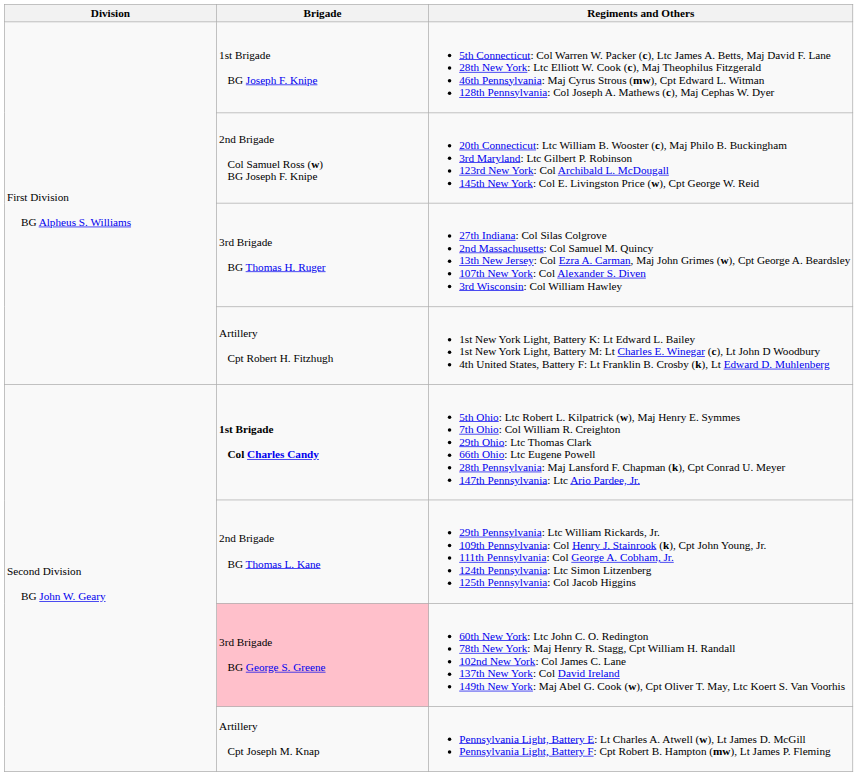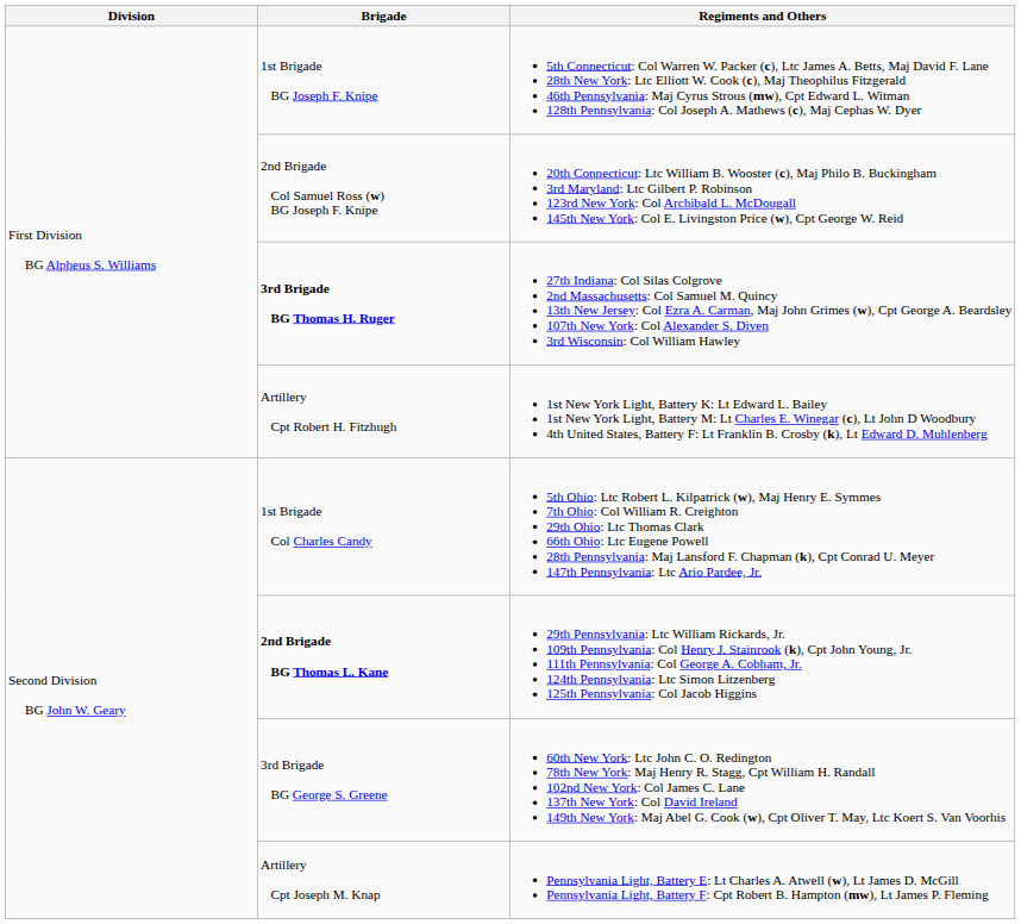 <table class="wikitable">
 <tr>
 <th width=25%>Division</th>
 <th width=25%>Brigade</th>
 <th>Regiments and Others</th>
 </tr>
 <tr>
 <td rowspan=4><br>First Division <br> <br>     BG <a href='#'>Alpheus S. Williams</a></td>
 <td>1st Brigade<br><br>   BG <a href='#'>Joseph F. Knipe</a></td>
 <td><br><ul><li><a href='#'>5th Connecticut</a>: Col Warren W. Packer (<strong>c</strong>), Ltc James A. Betts, Maj David F. Lane</li><li><a href='#'>28th New York</a>: Ltc Elliott W. Cook (<strong>c</strong>), Maj Theophilus Fitzgerald</li><li><a href='#'>46th Pennsylvania</a>: Maj Cyrus Strous (<strong>mw</strong>), Cpt Edward L. Witman</li><li><a href='#'>128th Pennsylvania</a>: Col Joseph A. Mathews (<strong>c</strong>), Maj Cephas W. Dyer</li></ul></td>
 </tr>
 <tr>
 <td>2nd Brigade<br><br>   Col Samuel Ross (<strong>w</strong>) <br>   BG Joseph F. Knipe</td>
 <td><br><ul><li><a href='#'>20th Connecticut</a>: Ltc William B. Wooster (<strong>c</strong>), Maj Philo B. Buckingham</li><li><a href='#'>3rd Maryland</a>: Ltc Gilbert P. Robinson</li><li><a href='#'>123rd New York</a>: Col <a href='#'>Archibald L. McDougall</a></li><li><a href='#'>145th New York</a>: Col E. Livingston Price (<strong>w</strong>), Cpt George W. Reid</li></ul></td>
 </tr>
 <tr>
-<td>3rd Brigade<br><br>   BG <a href='#'>Thomas H. Ruger</a></td>
+<td><strong>3rd Brigade<br><br>   BG <a href='#'>Thomas H. Ruger</a></strong></td>
 <td><br><ul><li><a href='#'>27th Indiana</a>: Col Silas Colgrove</li><li><a href='#'>2nd Massachusetts</a>: Col Samuel M. Quincy</li><li><a href='#'>13th New Jersey</a>: Col <a href='#'>Ezra A. Carman</a>, Maj John Grimes (<strong>w</strong>), Cpt George A. Beardsley</li><li><a href='#'>107th New York</a>: Col <a href='#'>Alexander S. Diven</a></li><li><a href='#'>3rd Wisconsin</a>: Col William Hawley</li></ul></td>
 </tr>
 <tr>
 <td>Artillery<br><br>   Cpt Robert H. Fitzhugh</td>
 <td><br><ul><li>1st New York Light, Battery K: Lt Edward L. Bailey</li><li>1st New York Light, Battery M: Lt <a href='#'>Charles E. Winegar</a> (<strong>c</strong>), Lt John D Woodbury</li><li>4th United States, Battery F: Lt Franklin B. Crosby (<strong>k</strong>), Lt <a href='#'>Edward D. Muhlenberg</a></li></ul></td>
 </tr>
 <tr>
 <td rowspan=4><br>Second Division <br> <br>     BG <a href='#'>John W. Geary</a></td>
-<td><strong>1st Brigade<br><br>   Col <a href='#'>Charles Candy</a></strong></td>
+<td>1st Brigade<br><br>   Col <a href='#'>Charles Candy</a></td>
 <td><br><ul><li><a href='#'>5th Ohio</a>: Ltc Robert L. Kilpatrick (<strong>w</strong>), Maj Henry E. Symmes</li><li><a href='#'>7th Ohio</a>: Col William R. Creighton</li><li><a href='#'>29th Ohio</a>: Ltc Thomas Clark</li><li><a href='#'>66th Ohio</a>: Ltc Eugene Powell</li><li><a href='#'>28th Pennsylvania</a>: Maj Lansford F. Chapman (<strong>k</strong>), Cpt Conrad U. Meyer</li><li><a href='#'>147th Pennsylvania</a>: Ltc <a href='#'>Ario Pardee, Jr.</a></li></ul></td>
 </tr>
 <tr>
-<td>2nd Brigade<br><br>   BG <a href='#'>Thomas L. Kane</a></td>
+<td><strong>2nd Brigade<br><br>   BG <a href='#'>Thomas L. Kane</a></strong></td>
 <td><br><ul><li><a href='#'>29th Pennsylvania</a>: Ltc William Rickards, Jr.</li><li><a href='#'>109th Pennsylvania</a>: Col <a href='#'>Henry J. Stainrook</a> (<strong>k</strong>), Cpt John Young, Jr.</li><li><a href='#'>111th Pennsylvania</a>: Col <a href='#'>George A. Cobham, Jr.</a></li><li><a href='#'>124th Pennsylvania</a>: Ltc Simon Litzenberg</li><li><a href='#'>125th Pennsylvania</a>: Col Jacob Higgins</li></ul></td>
 </tr>
 <tr>
-<td style="background: pink;">3rd Brigade<br><br>   BG <a href='#'>George S. Greene</a></td>
+<td>3rd Brigade<br><br>   BG <a href='#'>George S. Greene</a></td>
 <td><br><ul><li><a href='#'>60th New York</a>: Ltc John C. O. Redington</li><li><a href='#'>78th New York</a>: Maj Henry R. Stagg, Cpt William H. Randall</li><li><a href='#'>102nd New York</a>: Col James C. Lane</li><li><a href='#'>137th New York</a>: Col <a href='#'>David Ireland</a></li><li><a href='#'>149th New York</a>: Maj Abel G. Cook (<strong>w</strong>), Cpt Oliver T. May, Ltc Koert S. Van Voorhis</li></ul></td>
 </tr>
 <tr>
 <td>Artillery<br><br>   Cpt Joseph M. Knap</td>
 <td><br><ul><li><a href='#'>Pennsylvania Light, Battery E</a>: Lt Charles A. Atwell (<strong>w</strong>), Lt James D. McGill</li><li><a href='#'>Pennsylvania Light, Battery F</a>: Cpt Robert B. Hampton (<strong>mw</strong>), Lt James P. Fleming</li></ul></td>
 </tr>
 </table>
